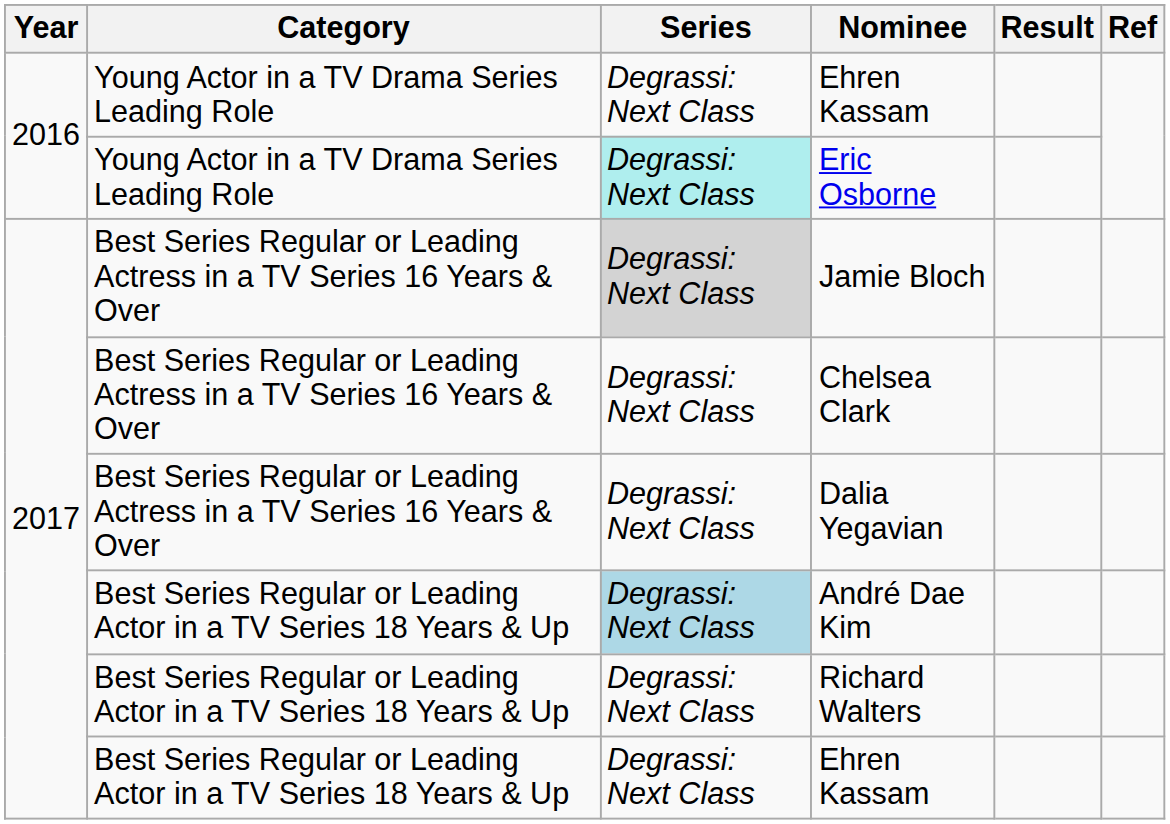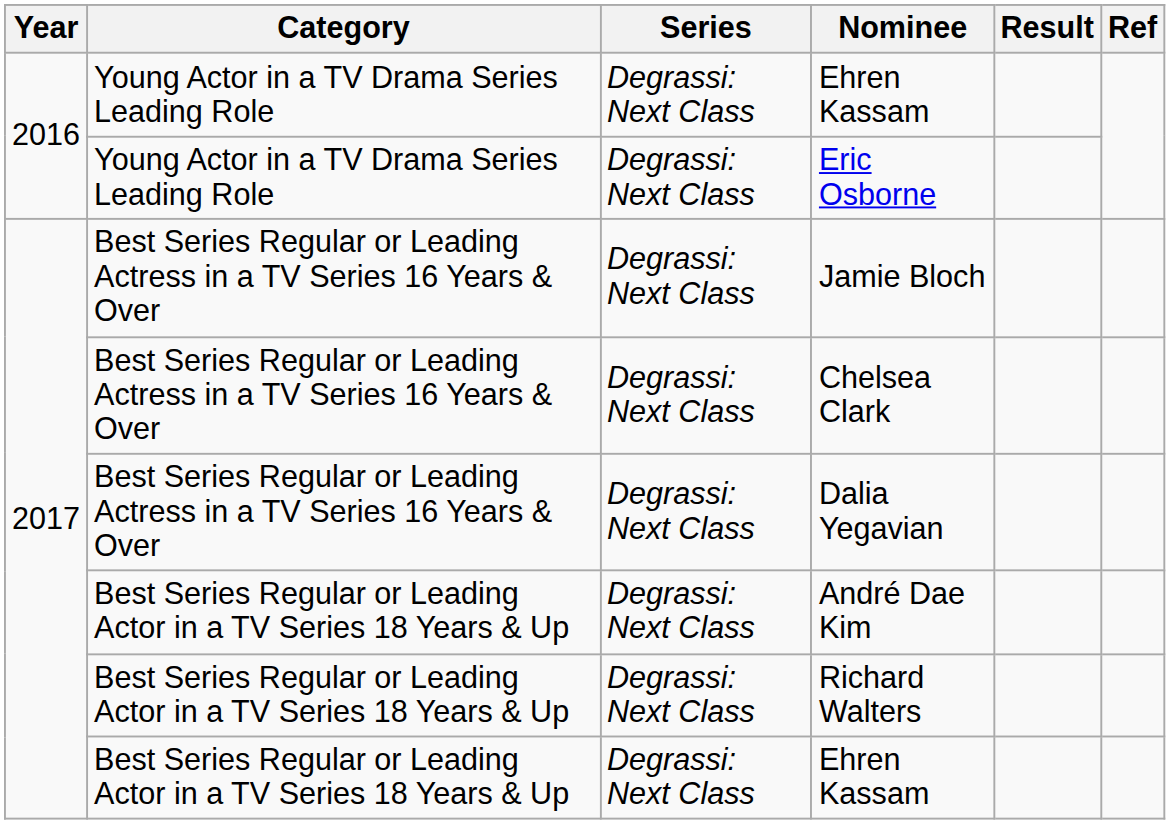 <table class="wikitable">
 <tr>
 <th>Year</th>
 <th>Category</th>
 <th>Series</th>
 <th>Nominee</th>
 <th>Result</th>
 <th>Ref</th>
 </tr>
 <tr>
 <td rowspan=2>2016</td>
 <td>Young Actor in a TV Drama Series Leading Role</td>
 <td><em>Degrassi: Next Class</em></td>
 <td>Ehren Kassam</td>
 <td></td>
 </tr>
 <tr>
 <td>Young Actor in a TV Drama Series Leading Role</td>
-<td style="background: paleturquoise;"><em>Degrassi: Next Class</em></td>
+<td><em>Degrassi: Next Class</em></td>
 <td><a href='#'>Eric Osborne</a></td>
 <td></td>
 </tr>
 <tr>
 <td rowspan=6>2017</td>
 <td>Best Series Regular or Leading Actress in a TV Series 16 Years & Over</td>
-<td style="background: lightgrey;"><em>Degrassi: Next Class</em></td>
+<td><em>Degrassi: Next Class</em></td>
 <td>Jamie Bloch</td>
 <td></td>
 <td></td>
 </tr>
 <tr>
 <td>Best Series Regular or Leading Actress in a TV Series 16 Years & Over</td>
 <td><em>Degrassi: Next Class</em></td>
 <td>Chelsea Clark</td>
 <td></td>
 <td></td>
 </tr>
 <tr>
 <td>Best Series Regular or Leading Actress in a TV Series 16 Years & Over</td>
 <td><em>Degrassi: Next Class</em></td>
 <td>Dalia Yegavian</td>
 <td></td>
 </tr>
 <tr>
 <td>Best Series Regular or Leading Actor  in a TV Series 18 Years & Up</td>
-<td style="background: lightblue;"><em>Degrassi: Next Class</em></td>
+<td><em>Degrassi: Next Class</em></td>
 <td>André Dae Kim</td>
 <td></td>
 <td></td>
 </tr>
 <tr>
 <td>Best Series Regular or Leading Actor  in a TV Series 18 Years & Up</td>
 <td><em>Degrassi: Next Class</em></td>
 <td>Richard Walters</td>
 <td></td>
 <td></td>
 </tr>
 <tr>
 <td>Best Series Regular or Leading Actor  in a TV Series 18 Years & Up</td>
 <td><em>Degrassi: Next Class</em></td>
 <td>Ehren Kassam</td>
 <td></td>
 <td></td>
 </tr>
 </table>
